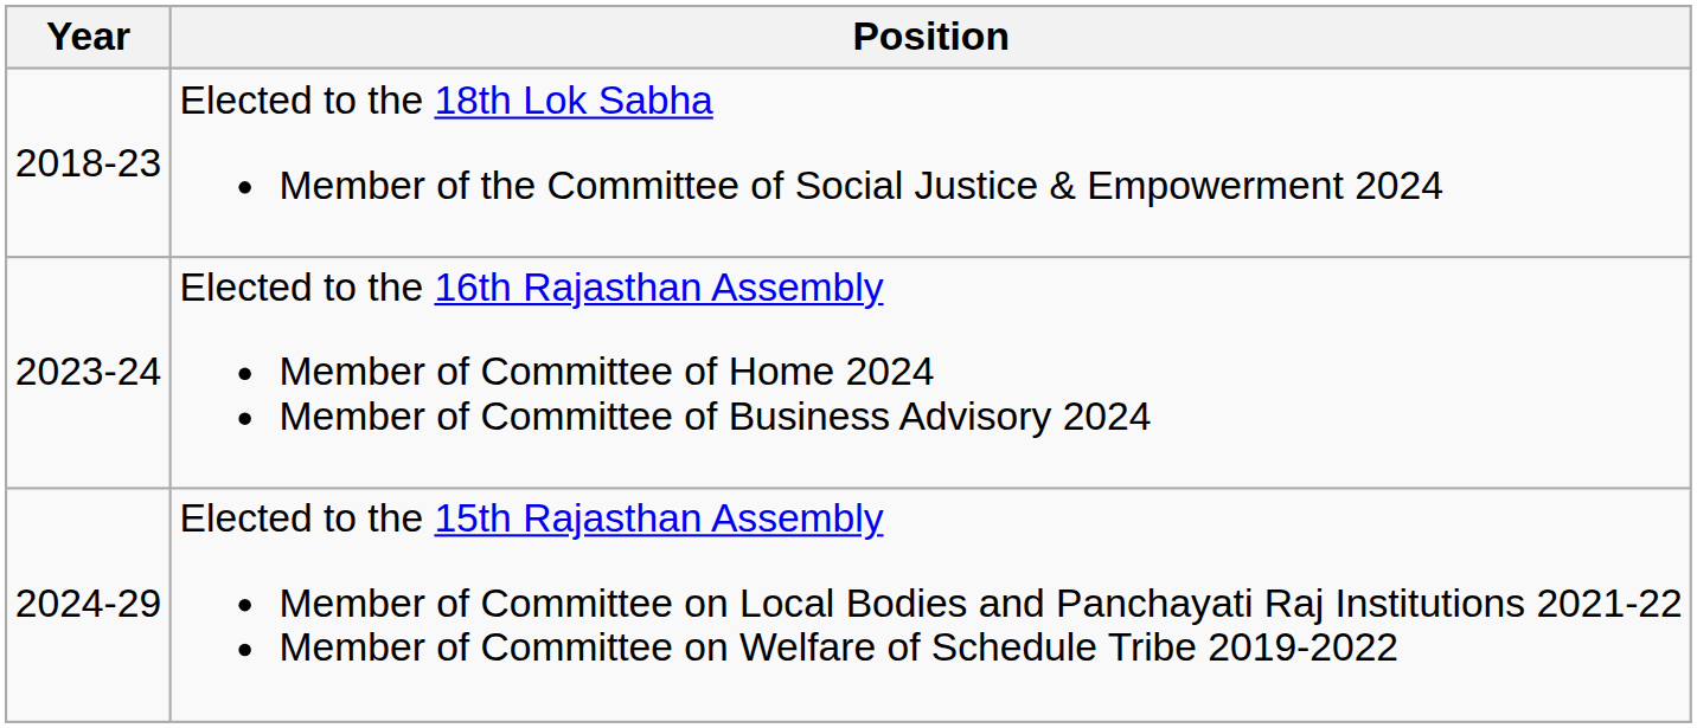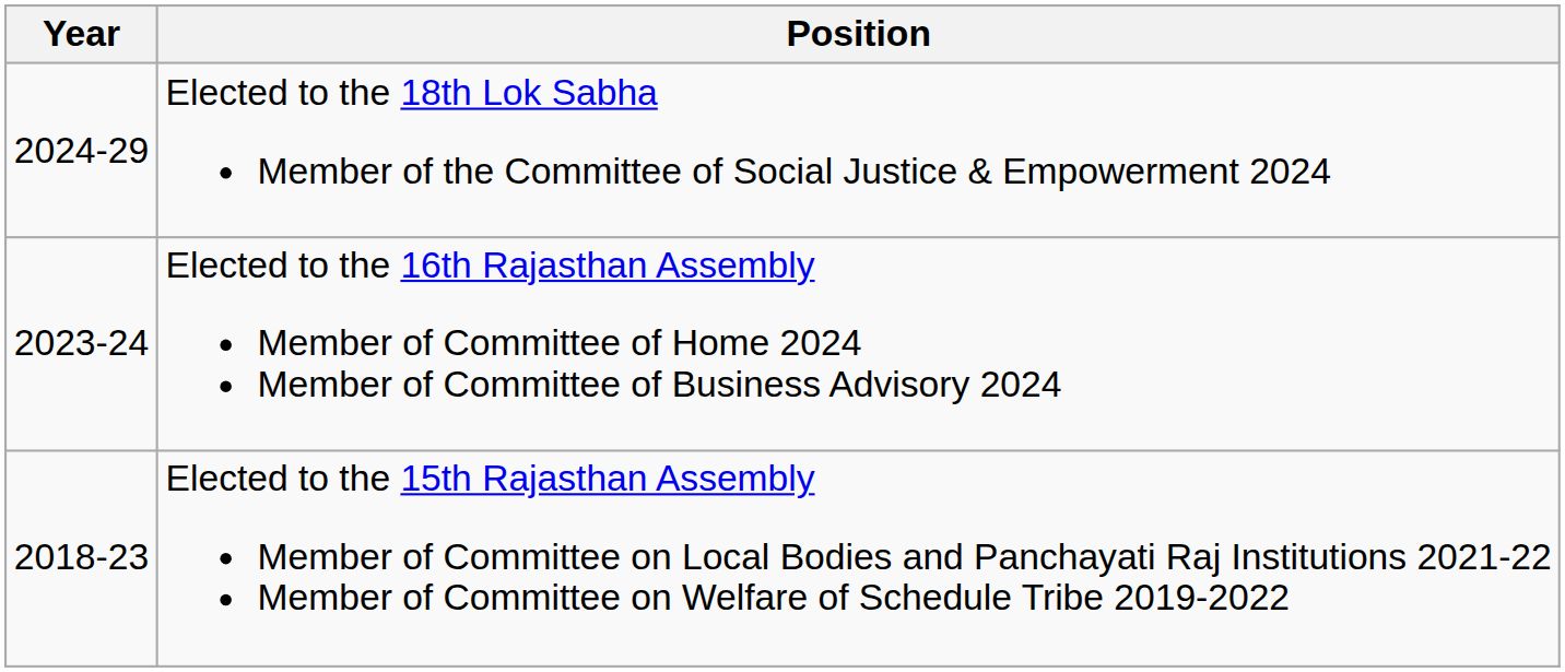 <table class="wikitable">
 <tr>
 <th>Year</th>
 <th>Position</th>
 </tr>
 <tr>
-<td>2018-23</td>
+<td>2024-29</td>
 <td>Elected to the <a href='#'>18th Lok Sabha</a><br><ul><li>Member of the Committee of Social Justice & Empowerment 2024</li></ul></td>
 </tr>
 <tr>
 <td>2023-24</td>
 <td>Elected to the <a href='#'>16th Rajasthan Assembly</a><br><ul><li>Member of Committee of Home 2024</li><li>Member of Committee of Business Advisory 2024</li></ul></td>
 </tr>
 <tr>
-<td>2024-29</td>
+<td>2018-23</td>
 <td>Elected to the <a href='#'>15th Rajasthan Assembly</a><br><ul><li>Member of Committee on Local Bodies and Panchayati Raj Institutions 2021-22</li><li>Member of Committee on Welfare of Schedule Tribe 2019-2022</li></ul></td>
 </tr>
 </table>
